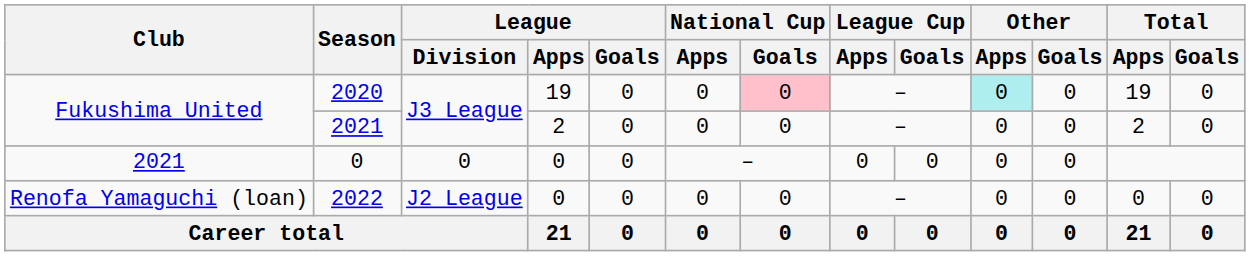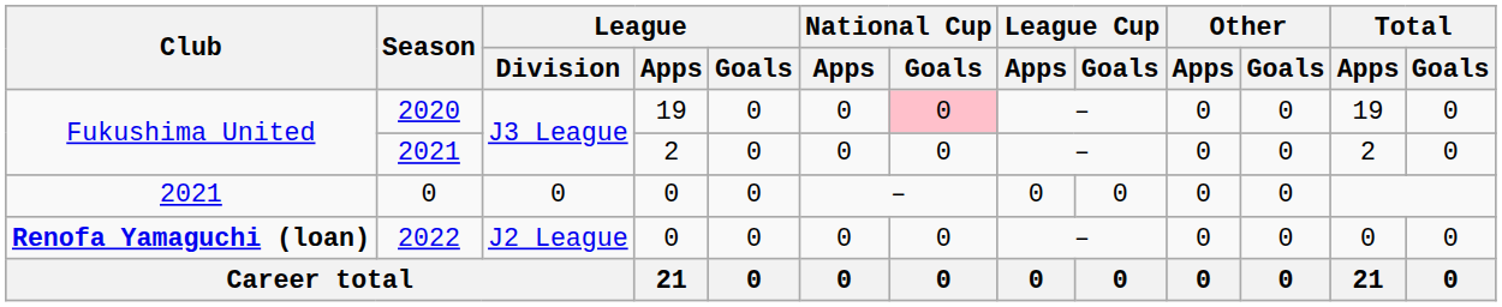 <table class="wikitable" style="text-align: center">
 <tr>
 <th rowspan="2">Club</th>
 <th rowspan="2">Season</th>
 <th colspan="3">League</th>
 <th colspan="2">National Cup</th>
 <th colspan="2">League Cup</th>
 <th colspan="2">Other</th>
 <th colspan="2">Total</th>
 </tr>
 <tr>
 <th>Division</th>
 <th>Apps</th>
 <th>Goals</th>
 <th>Apps</th>
 <th>Goals</th>
 <th>Apps</th>
 <th>Goals</th>
 <th>Apps</th>
 <th>Goals</th>
 <th>Apps</th>
 <th>Goals</th>
 </tr>
 <tr>
 <td rowspan="2"><a href='#'>Fukushima United</a></td>
 <td><a href='#'>2020</a></td>
 <td rowspan="2"><a href='#'>J3 League</a></td>
 <td>19</td>
 <td>0</td>
 <td>0</td>
 <td style="background: pink;">0</td>
 <td colspan="2">–</td>
-<td style="background: paleturquoise;">0</td>
+<td>0</td>
 <td>0</td>
 <td>19</td>
 <td>0</td>
 </tr>
 <tr>
 <td><a href='#'>2021</a></td>
 <td>2</td>
 <td>0</td>
 <td>0</td>
 <td>0</td>
 <td colspan="2">–</td>
 <td>0</td>
 <td>0</td>
 <td>2</td>
 <td>0</td>
 </tr>
 <tr>
 <td><a href='#'>2021</a></td>
 <td>0</td>
 <td>0</td>
 <td>0</td>
 <td>0</td>
 <td colspan="2">–</td>
 <td>0</td>
 <td>0</td>
 <td>0</td>
 <td>0</td>
 </tr>
 <tr>
-<td><a href='#'>Renofa Yamaguchi</a> (loan)</td>
+<td><strong><a href='#'>Renofa Yamaguchi</a> (loan)</strong></td>
 <td><a href='#'>2022</a></td>
 <td><a href='#'>J2 League</a></td>
 <td>0</td>
 <td>0</td>
 <td>0</td>
 <td>0</td>
 <td colspan="2">–</td>
 <td>0</td>
 <td>0</td>
 <td>0</td>
 <td>0</td>
 </tr>
 <tr>
 <th colspan=3>Career total</th>
 <th>21</th>
 <th>0</th>
 <th>0</th>
 <th>0</th>
 <th>0</th>
 <th>0</th>
 <th>0</th>
 <th>0</th>
 <th>21</th>
 <th>0</th>
 </tr>
 </table>
